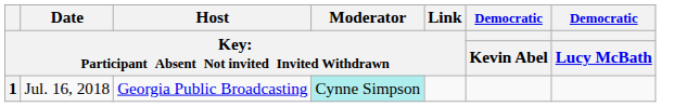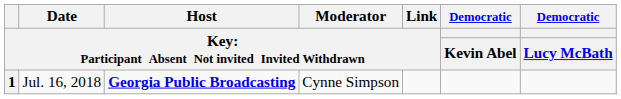 <table class="wikitable" style="text-align:center;">
 <tr>
 <th scope="col"></th>
 <th scope="col">Date</th>
 <th scope="col">Host</th>
 <th scope="col">Moderator</th>
 <th scope="col">Link</th>
 <th scope="col"><small><a href='#'>Democratic</a></small></th>
 <th scope="col"><small><a href='#'>Democratic</a></small></th>
 </tr>
 <tr>
 <th colspan="5" rowspan="2">Key:<br> <small>Participant </small>  <small>Absent </small>  <small>Not invited </small>  <small>Invited  Withdrawn</small></th>
 <th scope="col" style="background:"></th>
 <th scope="col" style="background:"></th>
 </tr>
 <tr>
 <th scope="col">Kevin Abel</th>
 <th scope="col"><a href='#'>Lucy McBath</a></th>
 </tr>
 <tr>
 <th>1</th>
 <td style="white-space:nowrap;">Jul. 16, 2018</td>
-<td style="white-space:nowrap;"><a href='#'>Georgia Public Broadcasting</a></td>
-<td style="background: paleturquoise; white-space:nowrap;">Cynne Simpson</td>
+<td style="white-space:nowrap;"><strong><a href='#'>Georgia Public Broadcasting</a></strong></td>
+<td style="white-space:nowrap;">Cynne Simpson</td>
 <td style="white-space:nowrap;"></td>
 <td></td>
 <td></td>
 </tr>
 </table>
